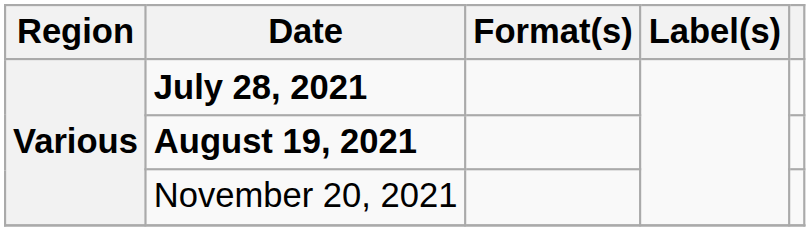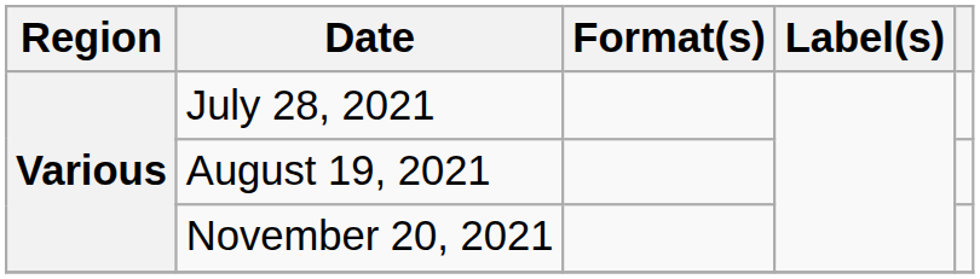 <table class="wikitable plainrowheaders">
 <tr>
 <th scope="col">Region</th>
 <th scope="col">Date</th>
 <th scope="col">Format(s)</th>
 <th scope="col">Label(s)</th>
 <th scope="col"></th>
 </tr>
 <tr>
 <th scope="row" rowspan="3">Various</th>
-<td><strong>July 28, 2021</strong></td>
+<td>July 28, 2021</td>
 <td></td>
 <td rowspan="3"></td>
 <td style="text-align:center"></td>
 </tr>
 <tr>
-<td><strong>August 19, 2021</strong></td>
+<td>August 19, 2021</td>
 <td></td>
 <td style="text-align:center"></td>
 </tr>
 <tr>
 <td>November 20, 2021</td>
 <td></td>
 <td style="text-align:center"></td>
 </tr>
 <tr>
 </tr>
 </table>
